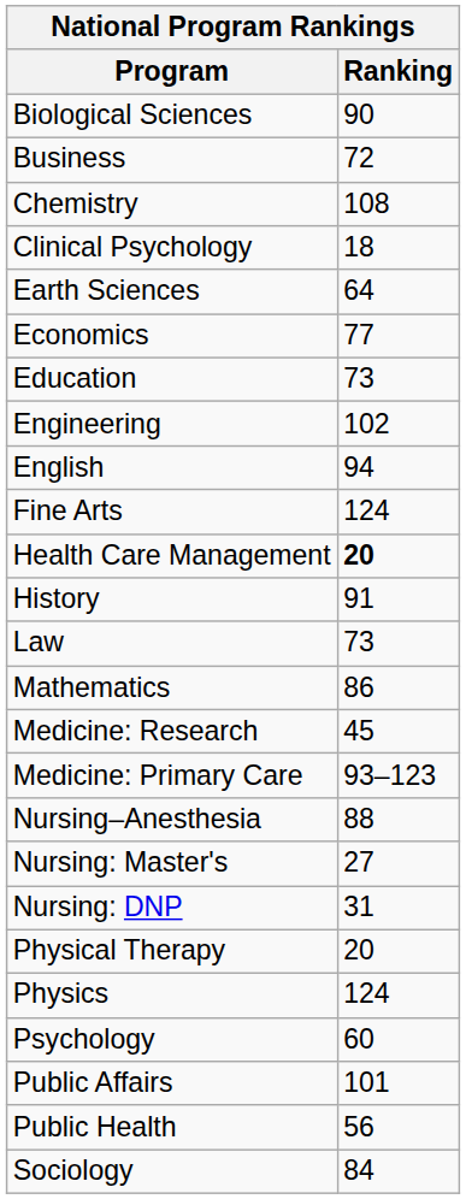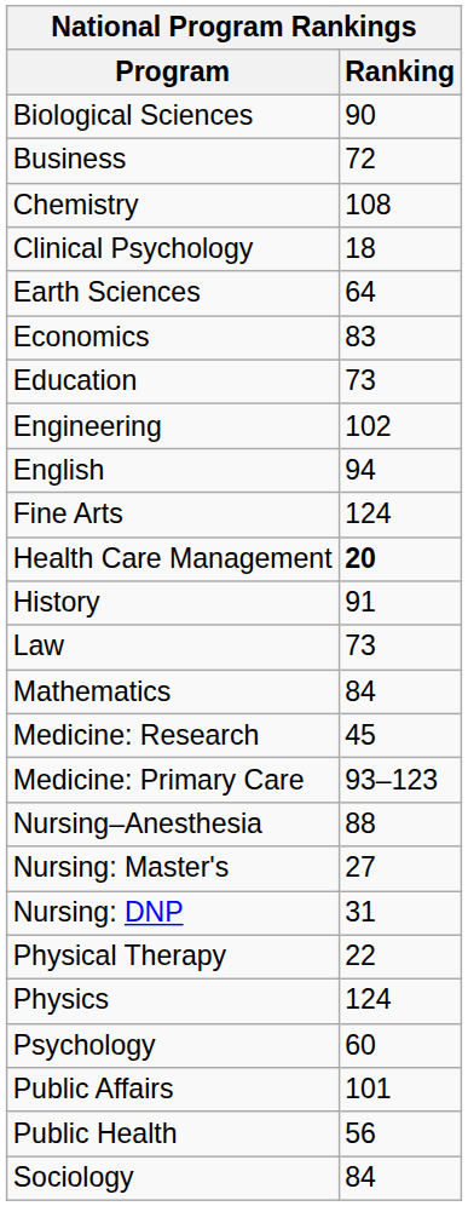 <table class="wikitable sortable collapsible collapsed" style="float:right" "text-align:center">
 <tr>
 <th colspan=4>National Program Rankings</th>
 </tr>
 <tr>
 <th>Program</th>
 <th>Ranking</th>
 </tr>
 <tr>
 <td>Biological Sciences</td>
 <td>90</td>
 </tr>
 <tr>
 <td>Business</td>
 <td>72</td>
 </tr>
 <tr>
 <td>Chemistry</td>
 <td>108</td>
 </tr>
 <tr>
 <td>Clinical Psychology</td>
 <td>18</td>
 </tr>
 <tr>
 <td>Earth Sciences</td>
 <td>64</td>
 </tr>
 <tr>
 <td>Economics</td>
-<td>77</td>
+<td>83</td>
 </tr>
 <tr>
 <td>Education</td>
 <td>73</td>
 </tr>
 <tr>
 <td>Engineering</td>
 <td>102</td>
 </tr>
 <tr>
 <td>English</td>
 <td>94</td>
 </tr>
 <tr>
 <td>Fine Arts</td>
 <td>124</td>
 </tr>
 <tr>
 <td>Health Care Management</td>
 <td><strong>20</strong></td>
 </tr>
 <tr>
 <td>History</td>
 <td>91</td>
 </tr>
 <tr>
 <td>Law</td>
 <td>73</td>
 </tr>
 <tr>
 <td>Mathematics</td>
-<td>86</td>
+<td>84</td>
 </tr>
 <tr>
 <td>Medicine: Research</td>
 <td>45</td>
 </tr>
 <tr>
 <td>Medicine: Primary Care</td>
 <td>93–123</td>
 </tr>
 <tr>
 <td>Nursing–Anesthesia</td>
 <td>88</td>
 </tr>
 <tr>
 <td>Nursing: Master's</td>
 <td>27</td>
 </tr>
 <tr>
 <td>Nursing: <a href='#'>DNP</a></td>
 <td>31</td>
 </tr>
 <tr>
 <td>Physical Therapy</td>
-<td>20</td>
+<td>22</td>
 </tr>
 <tr>
 <td>Physics</td>
 <td>124</td>
 </tr>
 <tr>
 <td>Psychology</td>
 <td>60</td>
 </tr>
 <tr>
 <td>Public Affairs</td>
 <td>101</td>
 </tr>
 <tr>
 <td>Public Health</td>
 <td>56</td>
 </tr>
 <tr>
 <td>Sociology</td>
 <td>84</td>
 </tr>
 </table>
